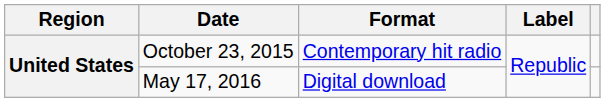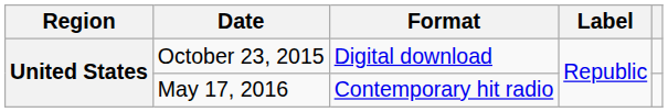 <table class="wikitable plainrowheaders">
 <tr>
 <th scope="col">Region</th>
 <th scope="col">Date</th>
 <th scope="col">Format</th>
 <th scope="col">Label</th>
 <th scope="col"></th>
 </tr>
 <tr>
 <th scope="row" rowspan="2">United States</th>
 <td>October 23, 2015</td>
-<td><a href='#'>Contemporary hit radio</a></td>
+<td><a href='#'>Digital download</a></td>
 <td rowspan="2"><a href='#'>Republic</a></td>
 <td></td>
 </tr>
 <tr>
 <td>May 17, 2016</td>
-<td><a href='#'>Digital download</a></td>
+<td><a href='#'>Contemporary hit radio</a></td>
 <td></td>
 </tr>
 </table>
